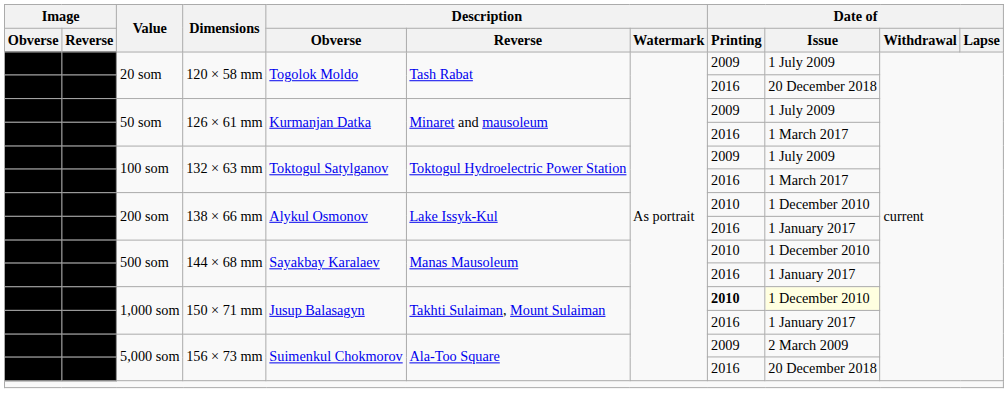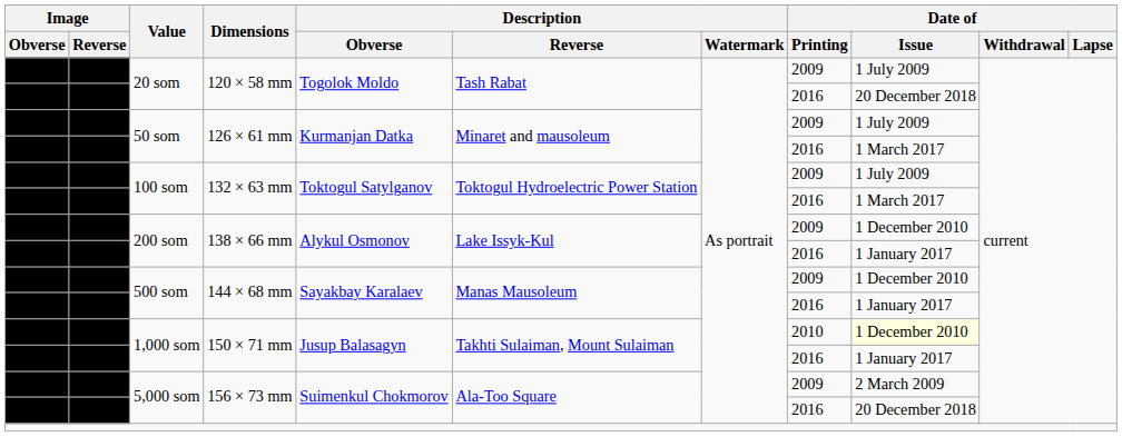 <table class="wikitable" style="font-size: 90%">
 <tr>
 <th colspan="2">Image</th>
 <th rowspan="2">Value</th>
 <th rowspan="2">Dimensions</th>
 <th colspan="3">Description</th>
 <th colspan="4">Date of</th>
 </tr>
 <tr>
 <th>Obverse</th>
 <th>Reverse</th>
 <th>Obverse</th>
 <th>Reverse</th>
 <th>Watermark</th>
 <th>Printing</th>
 <th>Issue</th>
 <th>Withdrawal</th>
 <th>Lapse</th>
 </tr>
 <tr>
 <td align="center" bgcolor="#000000"></td>
 <td align="center" bgcolor="#000000"></td>
 <td rowspan="2">20 som</td>
 <td rowspan="2">120 × 58 mm</td>
 <td rowspan="2"><a href='#'>Togolok Moldo</a></td>
 <td rowspan="2"><a href='#'>Tash Rabat</a></td>
 <td rowspan="14">As portrait</td>
 <td>2009</td>
 <td>1 July 2009</td>
 <td rowspan="14" colspan="2">current</td>
 </tr>
 <tr>
 <td align="center" bgcolor="#000000"></td>
 <td align="center" bgcolor="#000000"></td>
 <td>2016</td>
 <td>20 December 2018</td>
 </tr>
 <tr>
 <td align="center" bgcolor="#000000"></td>
 <td align="center" bgcolor="#000000"></td>
 <td rowspan="2">50 som</td>
 <td rowspan="2">126 × 61 mm</td>
 <td rowspan="2"><a href='#'>Kurmanjan Datka</a></td>
 <td rowspan="2"><a href='#'>Minaret</a> and <a href='#'>mausoleum</a></td>
 <td>2009</td>
 <td>1 July 2009</td>
 </tr>
 <tr>
 <td align="center" bgcolor="#000000"></td>
 <td align="center" bgcolor="#000000"></td>
 <td>2016</td>
 <td>1 March 2017</td>
 </tr>
 <tr>
 <td align="center" bgcolor="#000000"></td>
 <td align="center" bgcolor="#000000"></td>
 <td rowspan="2">100 som</td>
 <td rowspan="2">132 × 63 mm</td>
 <td rowspan="2"><a href='#'>Toktogul Satylganov</a></td>
 <td rowspan="2"><a href='#'>Toktogul Hydroelectric Power Station</a></td>
 <td>2009</td>
 <td>1 July 2009</td>
 </tr>
 <tr>
 <td align="center" bgcolor="#000000"></td>
 <td align="center" bgcolor="#000000"></td>
 <td>2016</td>
 <td>1 March 2017</td>
 </tr>
 <tr>
 <td align="center" bgcolor="#000000"></td>
 <td align="center" bgcolor="#000000"></td>
 <td rowspan="2">200 som</td>
 <td rowspan="2">138 × 66 mm</td>
 <td rowspan="2"><a href='#'>Alykul Osmonov</a></td>
 <td rowspan="2"><a href='#'>Lake Issyk-Kul</a></td>
-<td>2010</td>
+<td>2009</td>
 <td>1 December 2010</td>
 </tr>
 <tr>
 <td align="center" bgcolor="#000000"></td>
 <td align="center" bgcolor="#000000"></td>
 <td>2016</td>
 <td>1 January 2017</td>
 </tr>
 <tr>
 <td align="center" bgcolor="#000000"></td>
 <td align="center" bgcolor="#000000"></td>
 <td rowspan="2">500 som</td>
 <td rowspan="2">144 × 68 mm</td>
 <td rowspan="2"><a href='#'>Sayakbay Karalaev</a></td>
 <td rowspan="2"><a href='#'>Manas Mausoleum</a></td>
-<td>2010</td>
+<td>2009</td>
 <td>1 December 2010</td>
 </tr>
 <tr>
 <td align="center" bgcolor="#000000"></td>
 <td align="center" bgcolor="#000000"></td>
 <td>2016</td>
 <td>1 January 2017</td>
 </tr>
 <tr>
 <td align="center" bgcolor="#000000"></td>
 <td align="center" bgcolor="#000000"></td>
 <td rowspan="2">1,000 som</td>
 <td rowspan="2">150 × 71 mm</td>
 <td rowspan="2"><a href='#'>Jusup Balasagyn</a></td>
 <td rowspan="2"><a href='#'>Takhti Sulaiman</a>, <a href='#'>Mount Sulaiman</a></td>
-<td><strong>2010</strong></td>
+<td>2010</td>
 <td style="background: lightyellow;">1 December 2010</td>
 </tr>
 <tr>
 <td align="center" bgcolor="#000000"></td>
 <td align="center" bgcolor="#000000"></td>
 <td>2016</td>
 <td>1 January 2017</td>
 </tr>
 <tr>
 <td align="center" bgcolor="#000000"></td>
 <td align="center" bgcolor="#000000"></td>
 <td rowspan="2">5,000 som</td>
 <td rowspan="2">156 × 73 mm</td>
 <td rowspan="2"><a href='#'>Suimenkul Chokmorov</a></td>
 <td rowspan="2"><a href='#'>Ala-Too Square</a></td>
 <td>2009</td>
 <td>2 March 2009</td>
 </tr>
 <tr>
 <td align="center" bgcolor="#000000"></td>
 <td align="center" bgcolor="#000000"></td>
 <td>2016</td>
 <td>20 December 2018</td>
 </tr>
 <tr>
 <td colspan="11"></td>
 </tr>
 </table>
